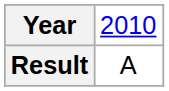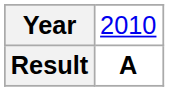 <table class="wikitable" style="text-align:center; font-size:90%; background:white">
 <tr>
 <th>Year</th>
 <td><a href='#'>2010</a></td>
 </tr>
 <tr>
 <th>Result</th>
-<td>A</td>
+<td><strong>A</strong></td>
 </tr>
 </table>
